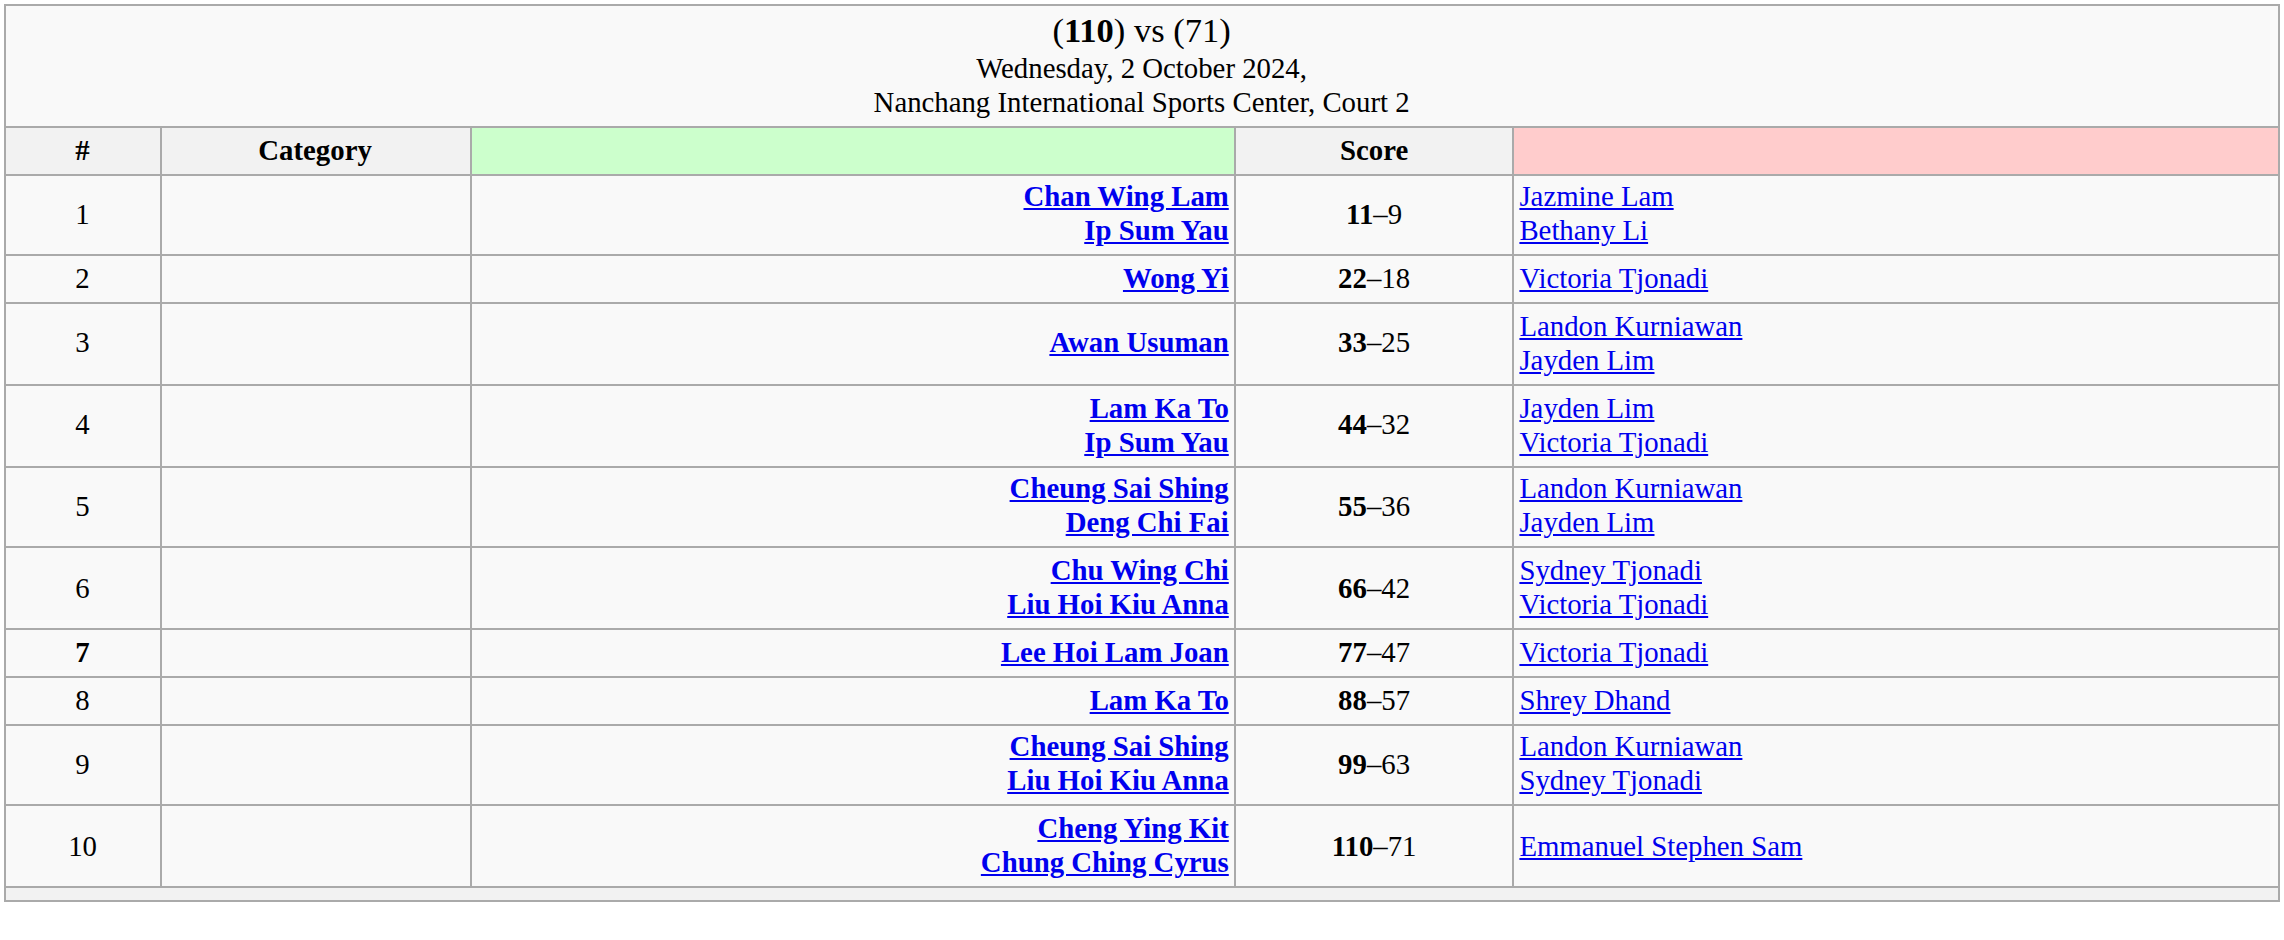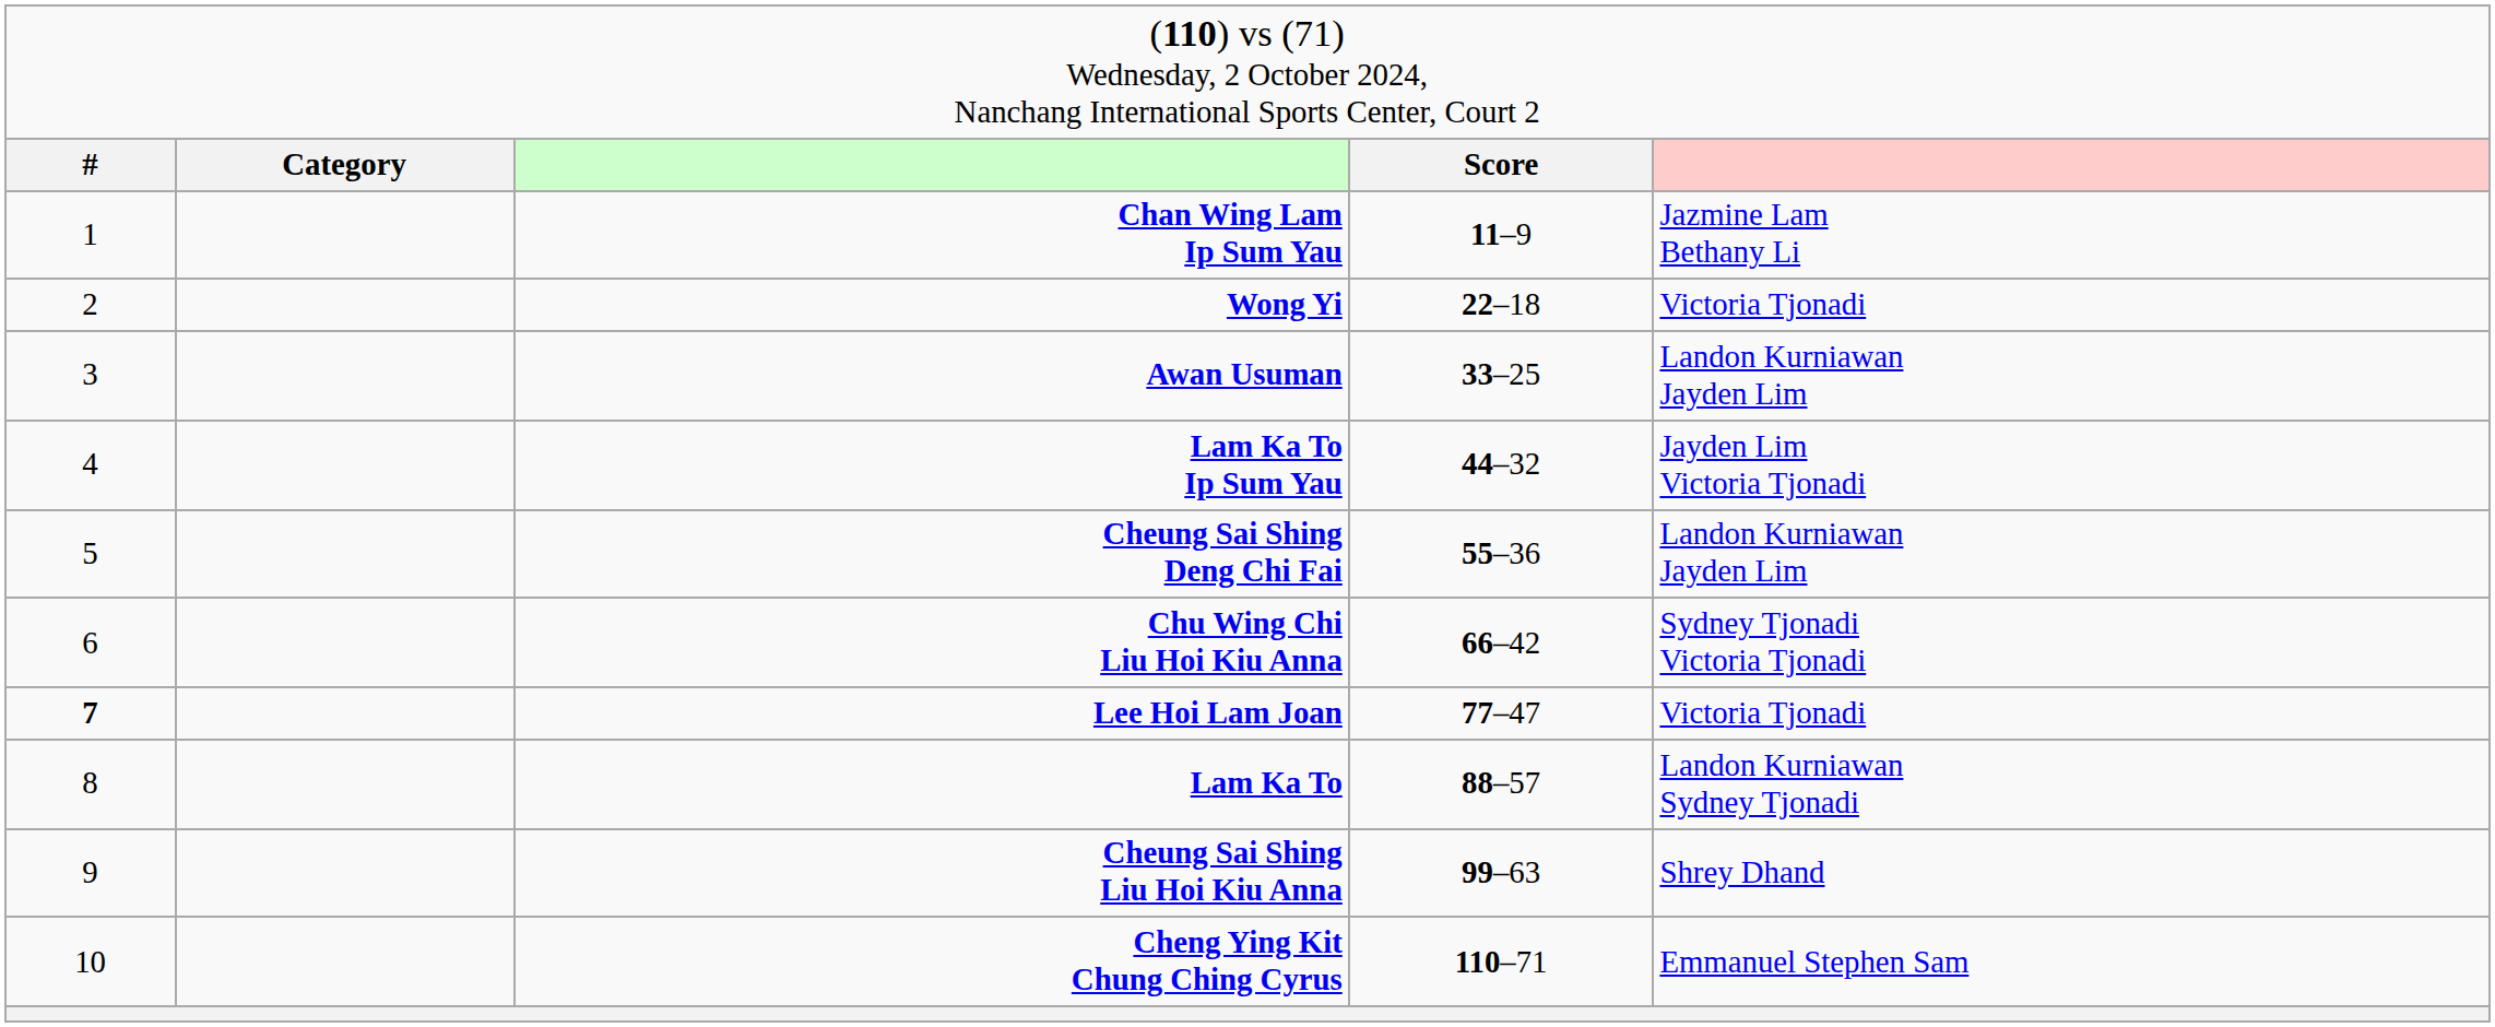 <table class="wikitable mw-collapsible mw-collapsed" style="font-size:90%; text-align:center" width="90%">
 <tr>
 <td colspan="5"><big>(<strong>110</strong>) <strong></strong> vs  (71)</big><br>Wednesday, 2 October 2024, <br>Nanchang International Sports Center, Court 2</td>
 </tr>
 <tr>
 <th width="25">#</th>
 <th width="50">Category</th>
 <th style="background-color:#CCFFCC" width="150"></th>
 <th width="50">Score<br></th>
 <th style="background-color:#FFCCCC" width="150" width="150"></th>
 </tr>
 <tr>
 <td>1</td>
 <td></td>
 <td align="right"><strong><a href='#'>Chan Wing Lam</a> <br><a href='#'>Ip Sum Yau</a> </strong></td>
 <td><strong>11</strong>–9<br></td>
 <td align="left"> <a href='#'>Jazmine Lam</a><br> <a href='#'>Bethany Li</a></td>
 </tr>
 <tr>
 <td>2</td>
 <td></td>
 <td align="right"><strong><a href='#'>Wong Yi</a> </strong></td>
 <td><strong>22</strong>–18<br></td>
 <td align="left"> <a href='#'>Victoria Tjonadi</a></td>
 </tr>
 <tr>
 <td>3</td>
 <td></td>
 <td align="right"><strong><a href='#'>Awan Usuman</a> </strong></td>
 <td><strong>33</strong>–25<br></td>
 <td align="left"> <a href='#'>Landon Kurniawan</a><br> <a href='#'>Jayden Lim</a></td>
 </tr>
 <tr>
 <td>4</td>
 <td></td>
 <td align="right"><strong><a href='#'>Lam Ka To</a> <br><a href='#'>Ip Sum Yau</a> </strong></td>
 <td><strong>44</strong>–32<br></td>
 <td align="left"> <a href='#'>Jayden Lim</a><br> <a href='#'>Victoria Tjonadi</a></td>
 </tr>
 <tr>
 <td>5</td>
 <td></td>
 <td align="right"><strong><a href='#'>Cheung Sai Shing</a> <br><a href='#'>Deng Chi Fai</a> </strong></td>
 <td><strong>55</strong>–36<br></td>
 <td align="left"> <a href='#'>Landon Kurniawan</a><br> <a href='#'>Jayden Lim</a></td>
 </tr>
 <tr>
 <td>6</td>
 <td></td>
 <td align="right"><strong><a href='#'>Chu Wing Chi</a> <br><a href='#'>Liu Hoi Kiu Anna</a> </strong></td>
 <td><strong>66</strong>–42<br></td>
 <td align="left"> <a href='#'>Sydney Tjonadi</a><br> <a href='#'>Victoria Tjonadi</a></td>
 </tr>
 <tr>
 <td><strong>7</strong></td>
 <td></td>
 <td align="right"><strong><a href='#'>Lee Hoi Lam Joan</a> </strong></td>
 <td><strong>77</strong>–47<br></td>
 <td align="left"> <a href='#'>Victoria Tjonadi</a></td>
 </tr>
 <tr>
 <td>8</td>
 <td></td>
 <td align="right"><strong><a href='#'>Lam Ka To</a> </strong></td>
 <td><strong>88</strong>–57<br></td>
-<td align="left"> <a href='#'>Shrey Dhand</a></td>
+<td align="left"> <a href='#'>Landon Kurniawan</a><br> <a href='#'>Sydney Tjonadi</a></td>
 </tr>
 <tr>
 <td>9</td>
 <td></td>
 <td align="right"><strong><a href='#'>Cheung Sai Shing</a> <br><a href='#'>Liu Hoi Kiu Anna</a> </strong></td>
 <td><strong>99</strong>–63<br></td>
-<td align="left"> <a href='#'>Landon Kurniawan</a><br> <a href='#'>Sydney Tjonadi</a></td>
+<td align="left"> <a href='#'>Shrey Dhand</a></td>
 </tr>
 <tr>
 <td>10</td>
 <td></td>
 <td align="right"><strong><a href='#'>Cheng Ying Kit</a> <br><a href='#'>Chung Ching Cyrus</a> </strong></td>
 <td><strong>110</strong>–71<br></td>
 <td align="left"> <a href='#'>Emmanuel Stephen Sam</a></td>
 </tr>
 <tr>
 <th colspan="5"></th>
 </tr>
 </table>
